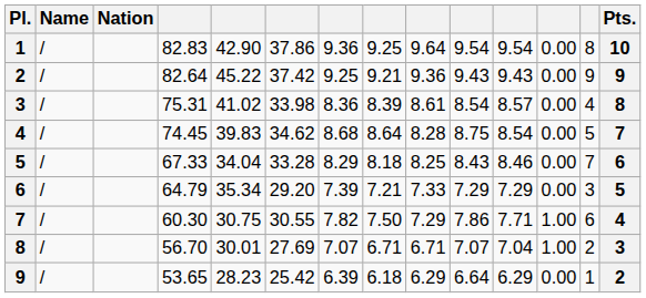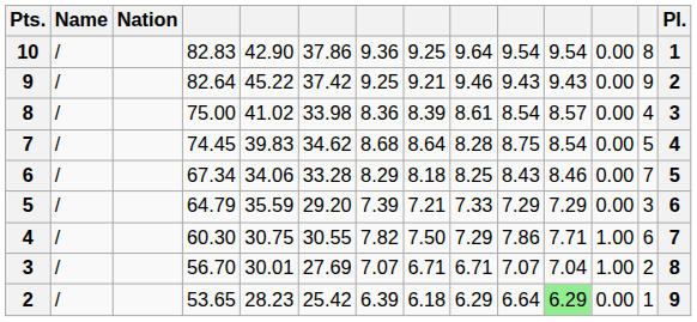 <table class="wikitable sortable" style="text-align:center">
 <tr>
-<th>Pl.</th>
+<th>Pts.</th>
 <th>Name</th>
 <th>Nation</th>
 <th></th>
 <th></th>
 <th></th>
 <th></th>
 <th></th>
 <th></th>
 <th></th>
 <th></th>
 <th></th>
 <th></th>
-<th>Pts.</th>
+<th>Pl.</th>
 </tr>
 <tr>
-<th>1</th>
+<th>10</th>
 <td align="left"> / </td>
 <td align="left"></td>
 <td>82.83</td>
 <td>42.90</td>
 <td>37.86</td>
 <td>9.36</td>
 <td>9.25</td>
 <td>9.64</td>
 <td>9.54</td>
 <td>9.54</td>
 <td>0.00</td>
 <td>8</td>
-<th>10</th>
+<th>1</th>
 </tr>
 <tr>
-<th>2</th>
+<th>9</th>
 <td align="left"> / </td>
 <td align="left"></td>
 <td>82.64</td>
 <td>45.22</td>
 <td>37.42</td>
 <td>9.25</td>
 <td>9.21</td>
-<td>9.36</td>
+<td>9.46</td>
 <td>9.43</td>
 <td>9.43</td>
 <td>0.00</td>
 <td>9</td>
-<th>9</th>
+<th>2</th>
 </tr>
 <tr>
-<th>3</th>
+<th>8</th>
 <td align="left"> / </td>
 <td align="left"></td>
-<td>75.31</td>
+<td>75.00</td>
 <td>41.02</td>
 <td>33.98</td>
 <td>8.36</td>
 <td>8.39</td>
 <td>8.61</td>
 <td>8.54</td>
 <td>8.57</td>
 <td>0.00</td>
 <td>4</td>
-<th>8</th>
+<th>3</th>
 </tr>
 <tr>
-<th>4</th>
+<th>7</th>
 <td align="left"> / </td>
 <td align="left"></td>
 <td>74.45</td>
 <td>39.83</td>
 <td>34.62</td>
 <td>8.68</td>
 <td>8.64</td>
 <td>8.28</td>
 <td>8.75</td>
 <td>8.54</td>
 <td>0.00</td>
 <td>5</td>
-<th>7</th>
+<th>4</th>
 </tr>
 <tr>
-<th>5</th>
+<th>6</th>
 <td align="left"> / </td>
 <td align="left"></td>
-<td>67.33</td>
-<td>34.04</td>
+<td>67.34</td>
+<td>34.06</td>
 <td>33.28</td>
 <td>8.29</td>
 <td>8.18</td>
 <td>8.25</td>
 <td>8.43</td>
 <td>8.46</td>
 <td>0.00</td>
 <td>7</td>
-<th>6</th>
+<th>5</th>
 </tr>
 <tr>
-<th>6</th>
+<th>5</th>
 <td align="left"> / </td>
 <td align="left"></td>
 <td>64.79</td>
-<td>35.34</td>
+<td>35.59</td>
 <td>29.20</td>
 <td>7.39</td>
 <td>7.21</td>
 <td>7.33</td>
 <td>7.29</td>
 <td>7.29</td>
 <td>0.00</td>
 <td>3</td>
-<th>5</th>
+<th>6</th>
 </tr>
 <tr>
-<th>7</th>
+<th>4</th>
 <td align="left"> / </td>
 <td align="left"></td>
 <td>60.30</td>
 <td>30.75</td>
 <td>30.55</td>
 <td>7.82</td>
 <td>7.50</td>
 <td>7.29</td>
 <td>7.86</td>
 <td>7.71</td>
 <td>1.00</td>
 <td>6</td>
-<th>4</th>
+<th>7</th>
 </tr>
 <tr>
-<th>8</th>
+<th>3</th>
 <td align="left"> / </td>
 <td align="left"></td>
 <td>56.70</td>
 <td>30.01</td>
 <td>27.69</td>
 <td>7.07</td>
 <td>6.71</td>
 <td>6.71</td>
 <td>7.07</td>
 <td>7.04</td>
 <td>1.00</td>
 <td>2</td>
-<th>3</th>
+<th>8</th>
 </tr>
 <tr>
-<th>9</th>
+<th>2</th>
 <td align="left"> / </td>
 <td align="left"></td>
 <td>53.65</td>
 <td>28.23</td>
 <td>25.42</td>
 <td>6.39</td>
 <td>6.18</td>
 <td>6.29</td>
 <td>6.64</td>
-<td>6.29</td>
+<td style="background: lightgreen;">6.29</td>
 <td>0.00</td>
 <td>1</td>
-<th>2</th>
+<th>9</th>
 </tr>
 </table>
